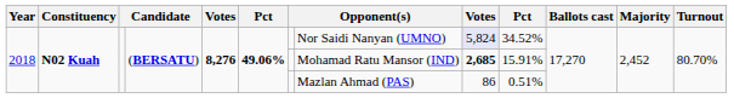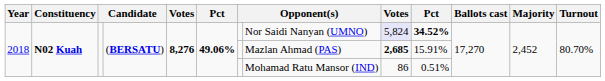 <table class="wikitable" style="margin:0.5em ; font-size:95%">
 <tr>
 <th>Year</th>
 <th>Constituency</th>
 <th colspan=2>Candidate</th>
 <th>Votes</th>
 <th>Pct</th>
 <th colspan=2>Opponent(s)</th>
 <th>Votes</th>
 <th>Pct</th>
 <th>Ballots cast</th>
 <th>Majority</th>
 <th>Turnout</th>
 </tr>
 <tr>
 <td rowspan=3><a href='#'>2018</a></td>
 <td rowspan=3><strong>N02 <a href='#'>Kuah</a></strong></td>
 <td rowspan=3 ></td>
 <td rowspan=3> (<a href='#'><strong>BERSATU</strong></a>)</td>
 <td rowspan=3 align="right"><strong>8,276</strong></td>
 <td rowspan=3><strong>49.06%</strong></td>
 <td></td>
 <td>Nor Saidi Nanyan (<a href='#'>UMNO</a>)</td>
 <td align="right" style="background: lavender;">5,824</td>
-<td>34.52%</td>
+<td><strong>34.52%</strong></td>
 <td rowspan=3>17,270</td>
 <td rowspan=3>2,452</td>
 <td rowspan=3>80.70%</td>
 </tr>
 <tr>
 <td></td>
-<td>Mohamad Ratu Mansor (<a href='#'>IND</a>)</td>
+<td>Mazlan Ahmad (<a href='#'>PAS</a>)</td>
 <td align="right"><strong>2,685</strong></td>
 <td>15.91%</td>
 </tr>
 <tr>
 <td></td>
-<td>Mazlan Ahmad (<a href='#'>PAS</a>)</td>
+<td>Mohamad Ratu Mansor (<a href='#'>IND</a>)</td>
 <td align="right">86</td>
 <td align="right">0.51%</td>
 </tr>
 </table>
